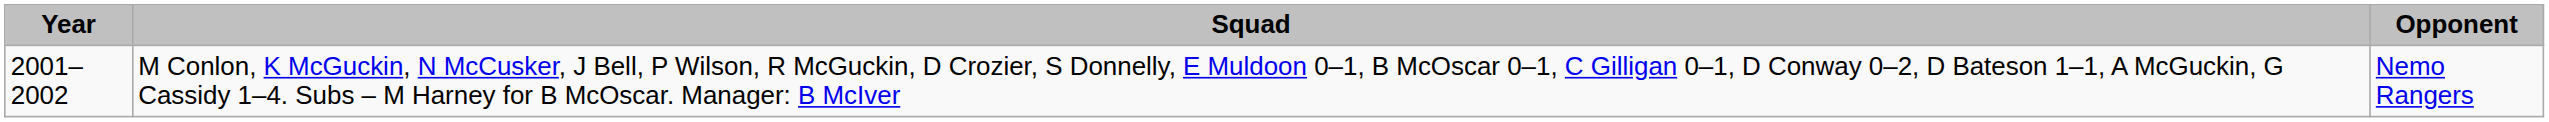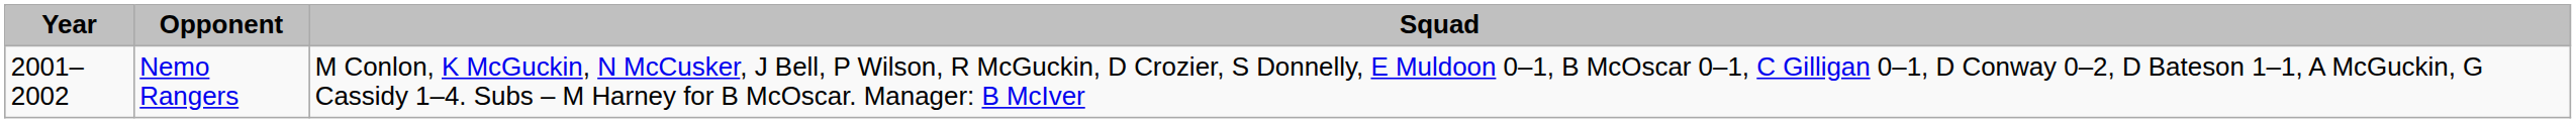 <table class="wikitable">
 <tr>
 <th style="background:silver;">Year</th>
+<th style="background:silver;">Opponent</th>
 <th style="background:silver;">Squad</th>
-<th style="background:silver;">Opponent</th>
 </tr>
 <tr>
 <td>2001–2002</td>
+<td><a href='#'>Nemo Rangers</a></td>
 <td>M Conlon, <a href='#'>K McGuckin</a>, <a href='#'>N McCusker</a>, J Bell, P Wilson, R McGuckin, D Crozier, S Donnelly, <a href='#'>E Muldoon</a> 0–1, B McOscar 0–1, <a href='#'>C Gilligan</a> 0–1, D Conway 0–2, D Bateson 1–1, A McGuckin, G Cassidy 1–4. Subs – M Harney for B McOscar. Manager: <a href='#'>B McIver</a></td>
-<td><a href='#'>Nemo Rangers</a></td>
 </tr>
 </table>
